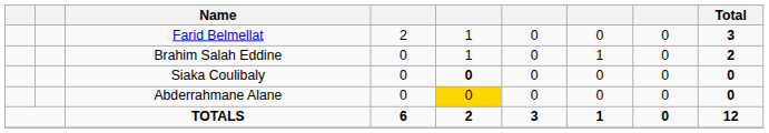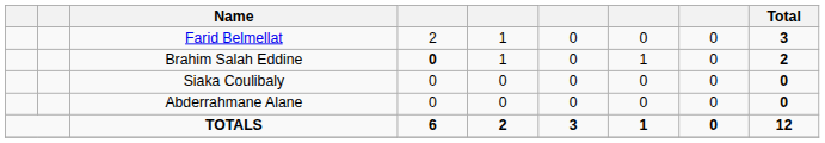 <table class="wikitable sortable alternance"  style="font-size:85%; text-align:center; line-height:14px; width:60%;">
 <tr>
 <th width=15></th>
 <th width=15></th>
 <th width=210>Name</th>
 <th width=40></th>
 <th width=40></th>
 <th width=40></th>
 <th width=40></th>
 <th width=40></th>
 <th width=40>Total</th>
 </tr>
 <tr>
 <td></td>
 <td></td>
 <td><a href='#'>Farid Belmellat</a></td>
 <td>2</td>
 <td>1</td>
 <td>0</td>
 <td>0</td>
 <td>0</td>
 <td><strong>3</strong></td>
 </tr>
 <tr>
 <td></td>
 <td></td>
 <td>Brahim Salah Eddine</td>
-<td>0</td>
+<td><strong>0</strong></td>
 <td>1</td>
 <td>0</td>
 <td>1</td>
 <td>0</td>
 <td><strong>2</strong></td>
 </tr>
 <tr>
 <td></td>
 <td></td>
 <td>Siaka Coulibaly</td>
 <td>0</td>
-<td><strong>0</strong></td>
+<td>0</td>
 <td>0</td>
 <td>0</td>
 <td>0</td>
 <td><strong>0</strong></td>
 </tr>
 <tr>
 <td></td>
 <td></td>
 <td>Abderrahmane Alane</td>
 <td>0</td>
-<td style="background: gold;">0</td>
+<td>0</td>
 <td>0</td>
 <td>0</td>
 <td>0</td>
 <td><strong>0</strong></td>
 </tr>
 <tr>
 <td colspan="2"></td>
 <td><strong>TOTALS</strong></td>
 <td><strong>6</strong></td>
 <td><strong>2</strong></td>
 <td><strong>3</strong></td>
 <td><strong>1</strong></td>
 <td><strong>0</strong></td>
 <td><strong>12</strong></td>
 </tr>
 <tr>
 </tr>
 </table>
